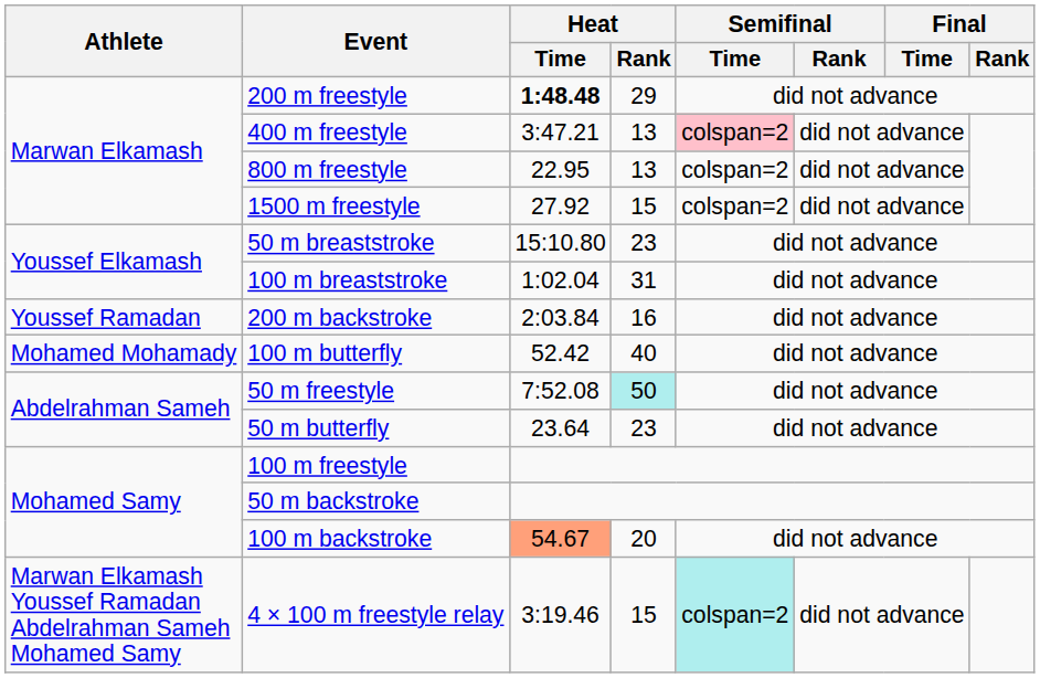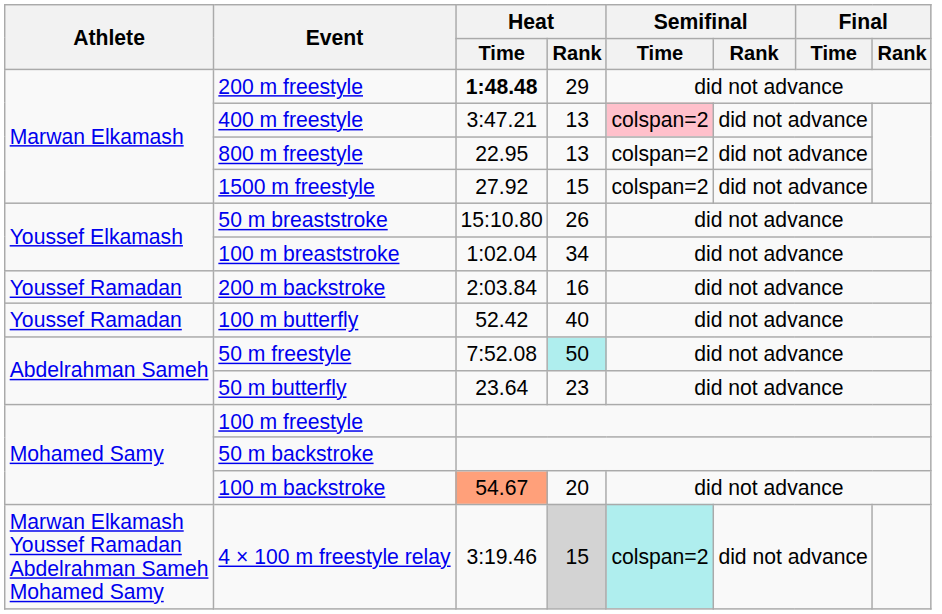 <table class=wikitable style="font-size:90%">
 <tr>
 <th rowspan="2">Athlete</th>
 <th rowspan="2">Event</th>
 <th colspan="2">Heat</th>
 <th colspan="2">Semifinal</th>
 <th colspan="2">Final</th>
 </tr>
 <tr style="font-size:95%">
 <th>Time</th>
 <th>Rank</th>
 <th>Time</th>
 <th>Rank</th>
 <th>Time</th>
 <th>Rank</th>
 </tr>
 <tr align=center>
 <td align=left rowspan=4><a href='#'>Marwan Elkamash</a></td>
 <td align=left><a href='#'>200 m freestyle</a></td>
 <td><strong>1:48.48</strong></td>
 <td>29</td>
 <td colspan=4>did not advance</td>
 </tr>
 <tr align=center>
 <td align=left><a href='#'>400 m freestyle</a></td>
 <td>3:47.21</td>
 <td>13</td>
 <td style="background: pink;">colspan=2</td>
 <td colspan=2>did not advance</td>
 </tr>
 <tr align=center>
 <td align=left><a href='#'>800 m freestyle</a></td>
 <td>22.95</td>
 <td>13</td>
 <td>colspan=2</td>
 <td colspan=2>did not advance</td>
 </tr>
 <tr align=center>
 <td align=left><a href='#'>1500 m freestyle</a></td>
 <td>27.92</td>
 <td>15</td>
 <td>colspan=2</td>
 <td colspan=2>did not advance</td>
 </tr>
 <tr align=center>
 <td align=left rowspan=2><a href='#'>Youssef Elkamash</a></td>
 <td align=left><a href='#'>50 m breaststroke</a></td>
 <td>15:10.80</td>
-<td>23</td>
+<td>26</td>
 <td colspan=4>did not advance</td>
 </tr>
 <tr align=center>
 <td align=left><a href='#'>100 m breaststroke</a></td>
 <td>1:02.04</td>
-<td>31</td>
+<td>34</td>
 <td colspan=4>did not advance</td>
 </tr>
 <tr align=center>
 <td align=left><a href='#'>Youssef Ramadan</a></td>
 <td align=left><a href='#'>200 m backstroke</a></td>
 <td>2:03.84</td>
 <td>16</td>
 <td colspan=4>did not advance</td>
 </tr>
 <tr align=center>
-<td align=left><a href='#'>Mohamed Mohamady</a></td>
+<td align=left><a href='#'>Youssef Ramadan</a></td>
 <td align=left><a href='#'>100 m butterfly</a></td>
 <td>52.42</td>
 <td>40</td>
 <td colspan=4>did not advance</td>
 </tr>
 <tr align=center>
 <td align=left rowspan=2><a href='#'>Abdelrahman Sameh</a></td>
 <td align=left><a href='#'>50 m freestyle</a></td>
 <td>7:52.08</td>
 <td style="background: paleturquoise;">50</td>
 <td colspan=4>did not advance</td>
 </tr>
 <tr align=center>
 <td align=left><a href='#'>50 m butterfly</a></td>
 <td>23.64</td>
 <td>23</td>
 <td colspan=4>did not advance</td>
 </tr>
 <tr align=center>
 <td align=left rowspan=3><a href='#'>Mohamed Samy</a></td>
 <td align=left><a href='#'>100 m freestyle</a></td>
 <td colspan=6></td>
 </tr>
 <tr align=center>
 <td align=left><a href='#'>50 m backstroke</a></td>
 <td colspan=6></td>
 </tr>
 <tr align=center>
 <td align=left><a href='#'>100 m backstroke</a></td>
 <td style="background: lightsalmon;">54.67</td>
 <td>20</td>
 <td colspan=4>did not advance</td>
 </tr>
 <tr align=center>
 <td align=left><a href='#'>Marwan Elkamash</a><br><a href='#'>Youssef Ramadan</a><br><a href='#'>Abdelrahman Sameh</a><br><a href='#'>Mohamed Samy</a></td>
 <td align=left><a href='#'>4 × 100 m freestyle relay</a></td>
 <td>3:19.46</td>
-<td>15</td>
+<td style="background: lightgrey;">15</td>
 <td style="background: paleturquoise;">colspan=2</td>
 <td colspan=2>did not advance</td>
 </tr>
 </table>
